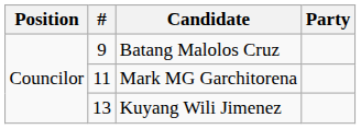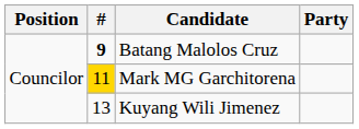 <table class="wikitable">
 <tr>
 <th>Position</th>
 <th>#</th>
 <th>Candidate</th>
 <th colspan="2">Party</th>
 </tr>
 <tr>
 <td rowspan="3">Councilor</td>
-<td style="text-align:center;">9</td>
+<td style="text-align:center;"><strong>9</strong></td>
 <td>Batang Malolos Cruz</td>
 <td></td>
 </tr>
 <tr>
-<td style="text-align:center;">11</td>
+<td style="background: gold; text-align:center;">11</td>
 <td>Mark MG Garchitorena</td>
 <td></td>
 </tr>
 <tr>
 <td style="text-align:center;">13</td>
 <td>Kuyang Wili Jimenez</td>
 <td></td>
 </tr>
 </table>
